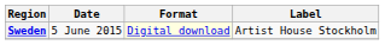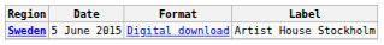 <table class="wikitable sortable plainrowheaders">
 <tr>
 <th scope="col">Region</th>
 <th scope="col">Date</th>
 <th scope="col">Format</th>
 <th scope="col">Label</th>
 </tr>
 <tr>
 <th scope="row"><a href='#'>Sweden</a></th>
 <td>5 June 2015</td>
-<td style="background: lightyellow;"><a href='#'>Digital download</a></td>
+<td><a href='#'>Digital download</a></td>
 <td>Artist House Stockholm</td>
 </tr>
 <tr>
 </tr>
 </table>
